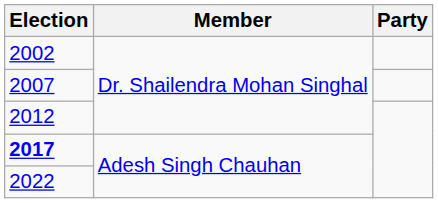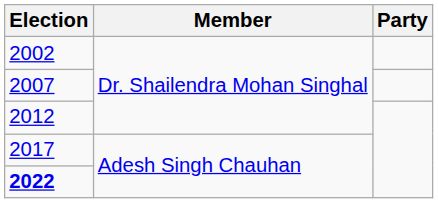 <table class="wikitable sortable">
 <tr>
 <th>Election</th>
 <th>Member</th>
 <th colspan=2>Party</th>
 </tr>
 <tr>
 <td><a href='#'>2002</a></td>
 <td rowspan=3><a href='#'>Dr. Shailendra Mohan Singhal</a></td>
 <td></td>
 </tr>
 <tr>
 <td><a href='#'>2007</a></td>
 <td></td>
 </tr>
 <tr>
 <td><a href='#'>2012</a></td>
 </tr>
 <tr>
-<td><strong><a href='#'>2017</a></strong></td>
+<td><a href='#'>2017</a></td>
 <td rowspan=2><a href='#'>Adesh Singh Chauhan</a></td>
 </tr>
 <tr>
-<td><a href='#'>2022</a></td>
+<td><strong><a href='#'>2022</a></strong></td>
 </tr>
 </table>
